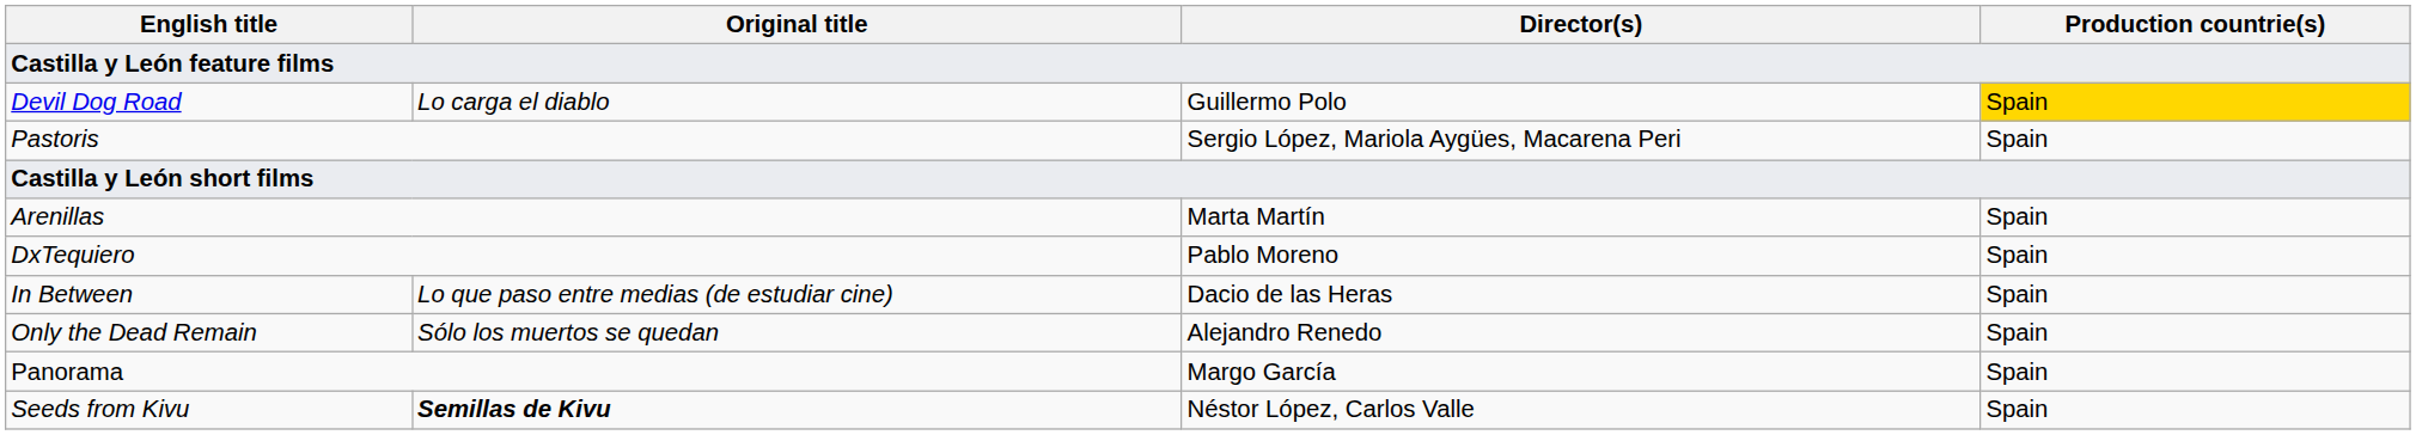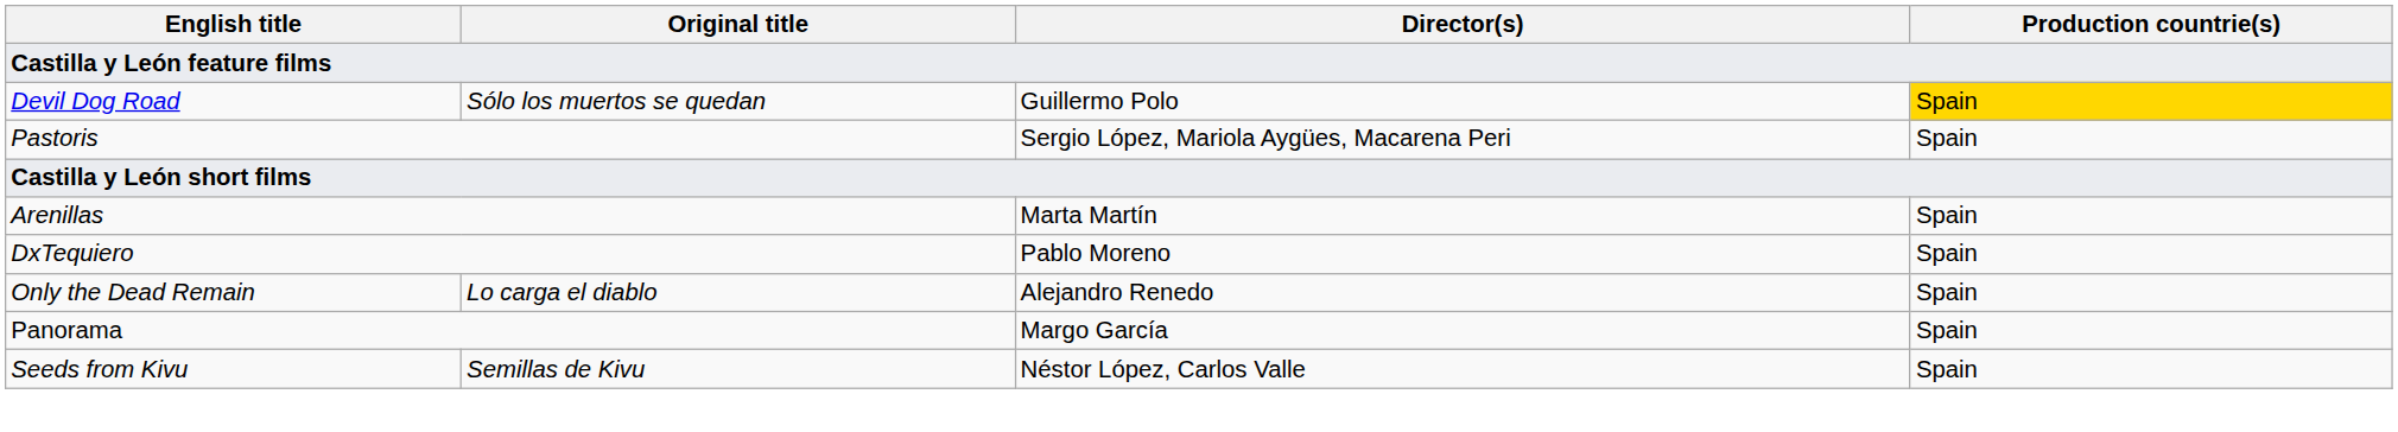 <table class="sortable wikitable" style="width:100%; margin-bottom:4px" cellpadding="5">
 <tr>
 <th scope="col">English title</th>
 <th scope="col">Original title</th>
 <th scope="col">Director(s)</th>
 <th scope="col">Production countrie(s)</th>
 </tr>
 <tr>
 <td colspan=4 class="center" style="padding-center:120px; background-color:#EAECF0"><strong>Castilla y León feature films</strong></td>
 </tr>
 <tr>
 <td><em><a href='#'>Devil Dog Road</a></em></td>
-<td><em>Lo carga el diablo</em></td>
+<td><em>Sólo los muertos se quedan</em></td>
 <td>Guillermo Polo</td>
 <td style="background: gold;">Spain</td>
 </tr>
 <tr>
 <td colspan = "2"><em>Pastoris</em></td>
 <td>Sergio López, Mariola Aygües, Macarena Peri</td>
 <td>Spain</td>
 </tr>
 <tr>
 <td colspan=4 class="center" style="padding-center:120px; background-color:#EAECF0"><strong>Castilla y León short films</strong></td>
 </tr>
 <tr>
 <td colspan = "2"><em>Arenillas</em></td>
 <td>Marta Martín</td>
 <td>Spain</td>
 </tr>
 <tr>
 <td colspan = "2"><em>DxTequiero</em></td>
 <td>Pablo Moreno</td>
 <td>Spain</td>
 </tr>
 <tr>
-<td><em>In Between</em></td>
-<td><em>Lo que paso entre medias (de estudiar cine)</em></td>
-<td>Dacio de las Heras</td>
-<td>Spain</td>
-</tr>
-<tr>
 <td><em>Only the Dead Remain</em></td>
-<td><em>Sólo los muertos se quedan</em></td>
+<td><em>Lo carga el diablo</em></td>
 <td>Alejandro Renedo</td>
 <td>Spain</td>
 </tr>
 <tr>
 <td colspan = "2">Panorama</td>
 <td>Margo García</td>
 <td>Spain</td>
 </tr>
 <tr>
 <td><em>Seeds from Kivu</em></td>
-<td><strong><em>Semillas de Kivu</em></strong></td>
+<td><em>Semillas de Kivu</em></td>
 <td>Néstor López, Carlos Valle</td>
 <td>Spain</td>
 </tr>
 </table>
